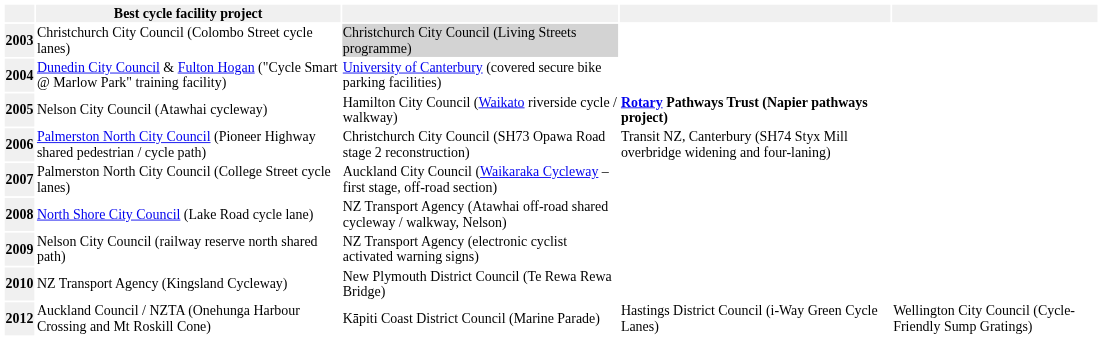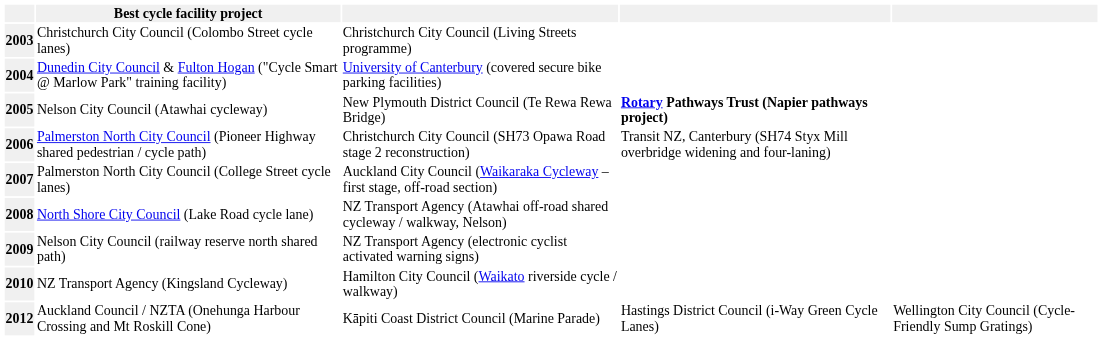 <table>
 <tr>
 <td align="center" style="background:#f0f0f0;"></td>
 <td align="center" style="background:#f0f0f0;"><strong>Best cycle facility project</strong></td>
 <td align="center" style="background:#f0f0f0;"></td>
 <td align="center" style="background:#f0f0f0;"></td>
 <td align="center" style="background:#f0f0f0;"></td>
 </tr>
 <tr>
 <td style="background:#f0f0f0;"><strong>2003</strong></td>
 <td>Christchurch City Council (Colombo Street cycle lanes)</td>
-<td style="background: lightgrey;">Christchurch City Council (Living Streets programme)</td>
+<td>Christchurch City Council (Living Streets programme)</td>
 <td></td>
 <td></td>
 <td></td>
 </tr>
 <tr>
 <td style="background:#f0f0f0;"><strong>2004</strong></td>
 <td><a href='#'>Dunedin City Council</a> & <a href='#'>Fulton Hogan</a> ("Cycle Smart @ Marlow Park" training facility)</td>
 <td><a href='#'>University of Canterbury</a> (covered secure bike parking facilities)</td>
 <td></td>
 <td></td>
 <td></td>
 </tr>
 <tr>
 <td style="background:#f0f0f0;"><strong>2005</strong></td>
 <td>Nelson City Council (Atawhai cycleway)</td>
-<td>Hamilton City Council (<a href='#'>Waikato</a> riverside cycle / walkway)</td>
+<td>New Plymouth District Council (Te Rewa Rewa Bridge)</td>
 <td><strong><a href='#'>Rotary</a> Pathways Trust (Napier pathways project)</strong></td>
 <td></td>
 <td></td>
 </tr>
 <tr>
 <td style="background:#f0f0f0;"><strong>2006</strong></td>
 <td><a href='#'>Palmerston North City Council</a> (Pioneer Highway shared pedestrian / cycle path)</td>
 <td>Christchurch City Council (SH73 Opawa Road stage 2 reconstruction)</td>
 <td>Transit NZ, Canterbury (SH74 Styx Mill overbridge widening and four-laning)</td>
 <td></td>
 <td></td>
 </tr>
 <tr>
 <td style="background:#f0f0f0;"><strong>2007</strong></td>
 <td>Palmerston North City Council (College Street cycle lanes)</td>
 <td>Auckland City Council (<a href='#'>Waikaraka Cycleway</a> – first stage, off-road section)</td>
 <td></td>
 <td></td>
 <td></td>
 </tr>
 <tr>
 <td style="background:#f0f0f0;"><strong>2008</strong></td>
 <td><a href='#'>North Shore City Council</a> (Lake Road cycle lane)</td>
 <td>NZ Transport Agency (Atawhai off-road shared cycleway / walkway, Nelson)</td>
 <td></td>
 <td></td>
 <td></td>
 </tr>
 <tr>
 <td style="background:#f0f0f0;"><strong>2009</strong></td>
 <td>Nelson City Council (railway reserve north shared path)</td>
 <td>NZ Transport Agency (electronic cyclist activated warning signs)</td>
 <td></td>
 <td></td>
 <td></td>
 </tr>
 <tr>
 <td style="background:#f0f0f0;"><strong>2010</strong></td>
 <td>NZ Transport Agency (Kingsland Cycleway)</td>
-<td>New Plymouth District Council (Te Rewa Rewa Bridge)</td>
+<td>Hamilton City Council (<a href='#'>Waikato</a> riverside cycle / walkway)</td>
 <td></td>
 <td></td>
 <td></td>
 </tr>
 <tr>
 <td style="background:#f0f0f0;"><strong>2012</strong></td>
 <td>Auckland Council / NZTA (Onehunga Harbour Crossing and Mt Roskill Cone)</td>
 <td>Kāpiti Coast District Council (Marine Parade)</td>
 <td>Hastings District Council (i-Way Green Cycle Lanes)</td>
 <td>Wellington City Council (Cycle-Friendly Sump Gratings)</td>
 <td></td>
 </tr>
 <tr>
 <td></td>
 </tr>
 </table>
